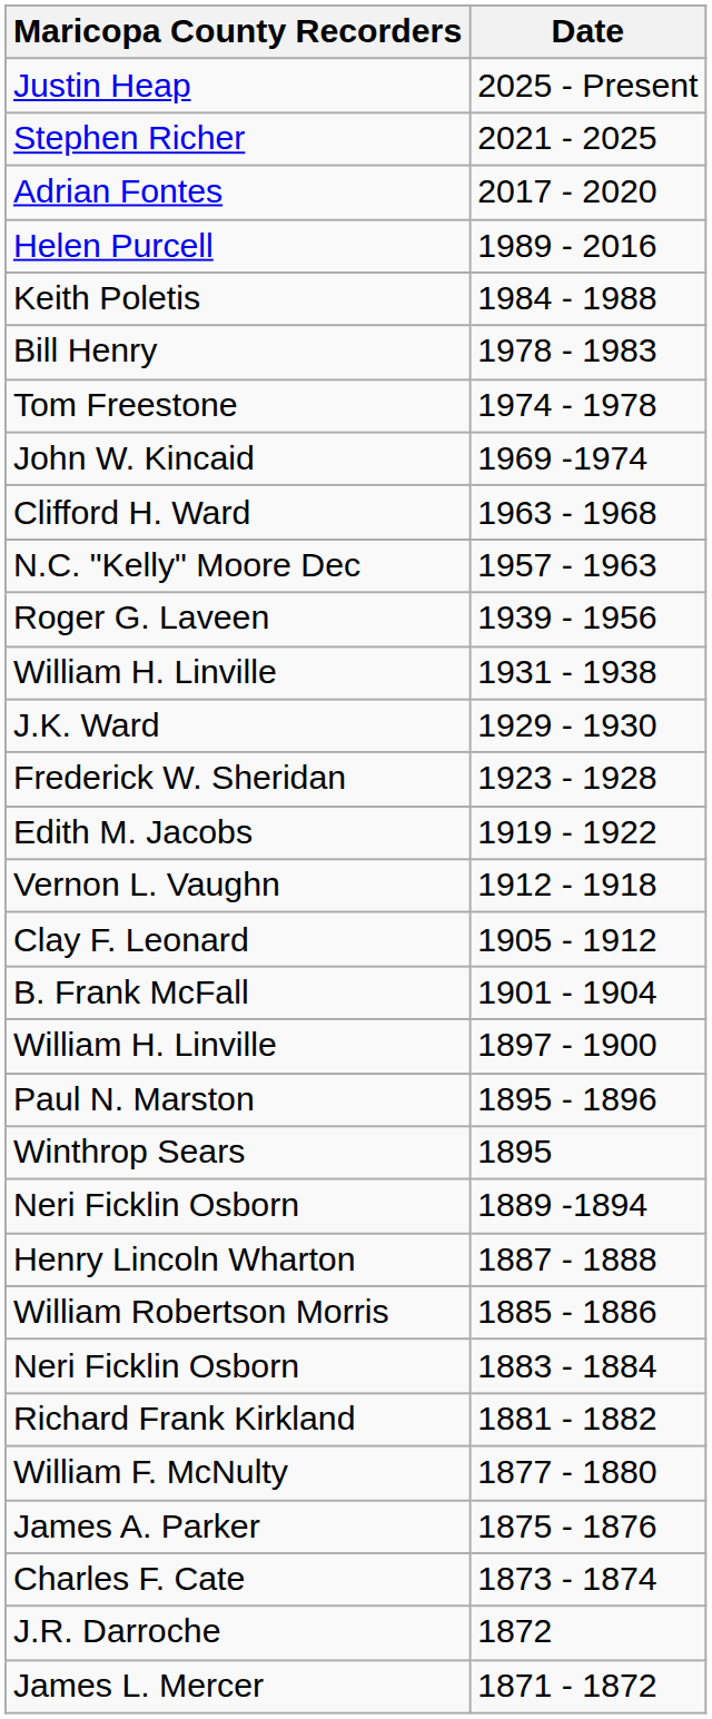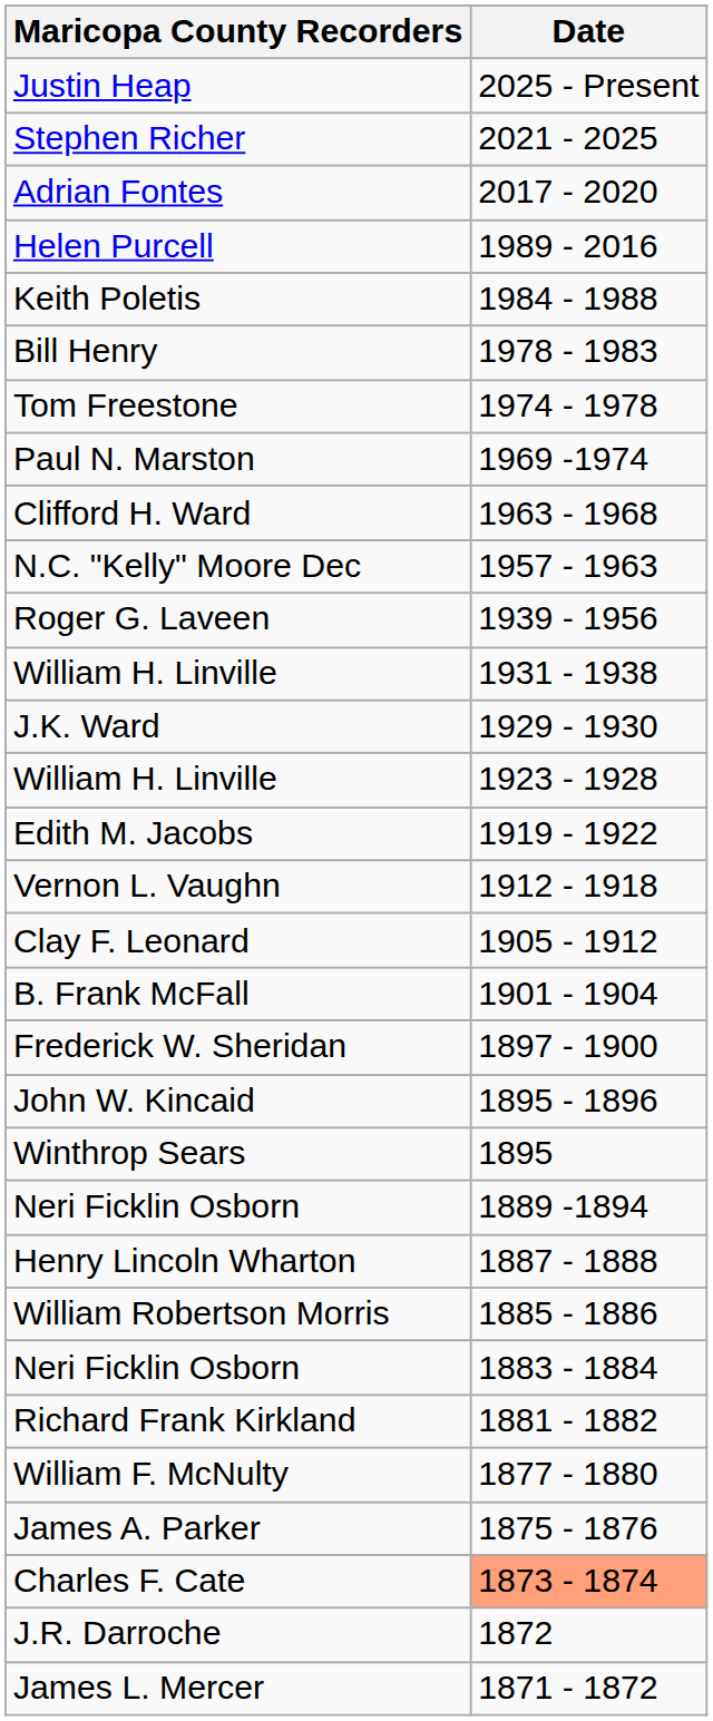 <table class="wikitable sortable mw-collapsible">
 <tr>
 <th>Maricopa County Recorders</th>
 <th>Date</th>
 </tr>
 <tr>
 <td><a href='#'>Justin Heap</a></td>
 <td>2025 - Present</td>
 </tr>
 <tr>
 <td><a href='#'>Stephen Richer</a></td>
 <td>2021 - 2025</td>
 </tr>
 <tr>
 <td><a href='#'>Adrian Fontes</a></td>
 <td>2017 - 2020</td>
 </tr>
 <tr>
 <td><a href='#'>Helen Purcell</a></td>
 <td>1989 - 2016</td>
 </tr>
 <tr>
 <td>Keith Poletis</td>
 <td>1984 - 1988</td>
 </tr>
 <tr>
 <td>Bill Henry</td>
 <td>1978 - 1983</td>
 </tr>
 <tr>
 <td>Tom Freestone</td>
 <td>1974 - 1978</td>
 </tr>
 <tr>
-<td>John W. Kincaid</td>
+<td>Paul N. Marston</td>
 <td>1969 -1974</td>
 </tr>
 <tr>
 <td>Clifford H. Ward</td>
 <td>1963 - 1968</td>
 </tr>
 <tr>
 <td>N.C. "Kelly" Moore Dec</td>
 <td>1957 - 1963</td>
 </tr>
 <tr>
 <td>Roger G. Laveen</td>
 <td>1939 - 1956</td>
 </tr>
 <tr>
 <td>William H. Linville</td>
 <td>1931 - 1938</td>
 </tr>
 <tr>
 <td>J.K. Ward</td>
 <td>1929 - 1930</td>
 </tr>
 <tr>
-<td>Frederick W. Sheridan</td>
+<td>William H. Linville</td>
 <td>1923 - 1928</td>
 </tr>
 <tr>
 <td>Edith M. Jacobs</td>
 <td>1919 - 1922</td>
 </tr>
 <tr>
 <td>Vernon L. Vaughn</td>
 <td>1912 - 1918</td>
 </tr>
 <tr>
 <td>Clay F. Leonard</td>
 <td>1905 - 1912</td>
 </tr>
 <tr>
 <td>B. Frank McFall</td>
 <td>1901 - 1904</td>
 </tr>
 <tr>
-<td>William H. Linville</td>
+<td>Frederick W. Sheridan</td>
 <td>1897 - 1900</td>
 </tr>
 <tr>
-<td>Paul N. Marston</td>
+<td>John W. Kincaid</td>
 <td>1895 - 1896</td>
 </tr>
 <tr>
 <td>Winthrop Sears</td>
 <td>1895</td>
 </tr>
 <tr>
 <td>Neri Ficklin Osborn</td>
 <td>1889 -1894</td>
 </tr>
 <tr>
 <td>Henry Lincoln Wharton</td>
 <td>1887 - 1888</td>
 </tr>
 <tr>
 <td>William Robertson Morris</td>
 <td>1885 - 1886</td>
 </tr>
 <tr>
 <td>Neri Ficklin Osborn</td>
 <td>1883 - 1884</td>
 </tr>
 <tr>
 <td>Richard Frank Kirkland</td>
 <td>1881 - 1882</td>
 </tr>
 <tr>
 <td>William F. McNulty</td>
 <td>1877 - 1880</td>
 </tr>
 <tr>
 <td>James A. Parker</td>
 <td>1875 - 1876</td>
 </tr>
 <tr>
 <td>Charles F. Cate</td>
-<td>1873 - 1874</td>
+<td style="background: lightsalmon;">1873 - 1874</td>
 </tr>
 <tr>
 <td>J.R. Darroche</td>
 <td>1872</td>
 </tr>
 <tr>
 <td>James L. Mercer</td>
 <td>1871 - 1872</td>
 </tr>
 </table>
